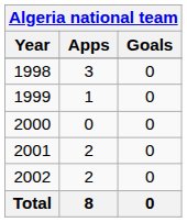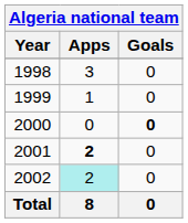 <table class="wikitable" style="text-align:center">
 <tr>
 <th colspan=3><a href='#'>Algeria national team</a></th>
 </tr>
 <tr>
 <th>Year</th>
 <th>Apps</th>
 <th>Goals</th>
 </tr>
 <tr>
 </tr>
 <tr>
 <td>1998</td>
 <td>3</td>
 <td>0</td>
 </tr>
 <tr>
 <td>1999</td>
 <td>1</td>
 <td>0</td>
 </tr>
 <tr>
 <td>2000</td>
 <td>0</td>
-<td>0</td>
+<td><strong>0</strong></td>
 </tr>
 <tr>
 <td>2001</td>
-<td>2</td>
+<td><strong>2</strong></td>
 <td>0</td>
 </tr>
 <tr>
 <td>2002</td>
-<td>2</td>
+<td style="background: paleturquoise;">2</td>
 <td>0</td>
 </tr>
 <tr>
 <th>Total</th>
 <th>8</th>
 <th>0</th>
 </tr>
 </table>
